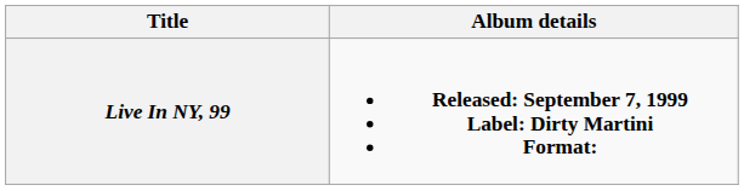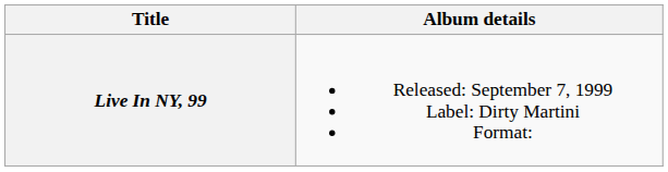 <table class="wikitable plainrowheaders" style="text-align:center">
 <tr>
 <th scope="col" style="width:15em;">Title</th>
 <th scope="col" style="width:19em;">Album details</th>
 </tr>
 <tr>
 <th scope="row"><em>Live In NY, 99</em></th>
-<td><strong><br><ul><li>Released: September 7, 1999</li><li>Label: Dirty Martini</li><li>Format:</li></ul></strong></td>
+<td><br><ul><li>Released: September 7, 1999</li><li>Label: Dirty Martini</li><li>Format:</li></ul></td>
 </tr>
 </table>
